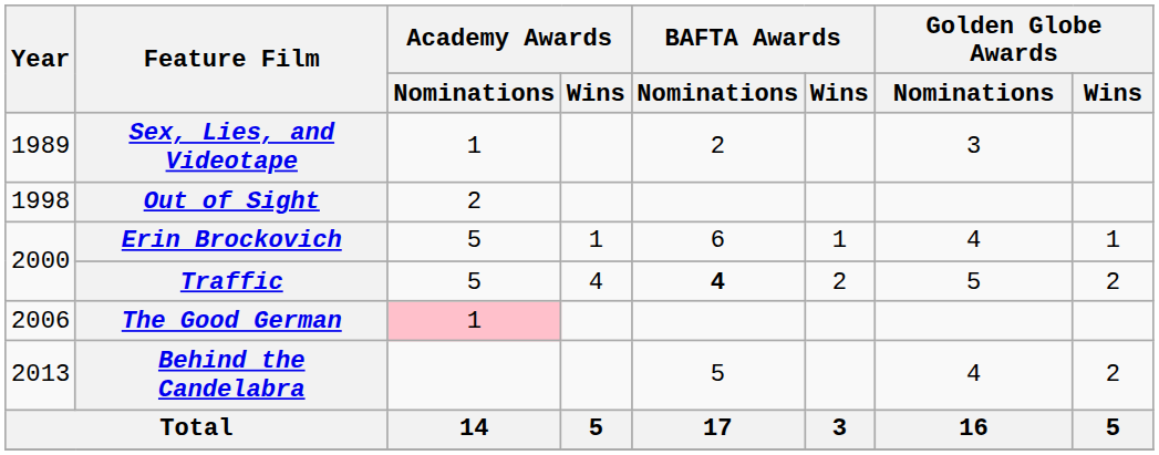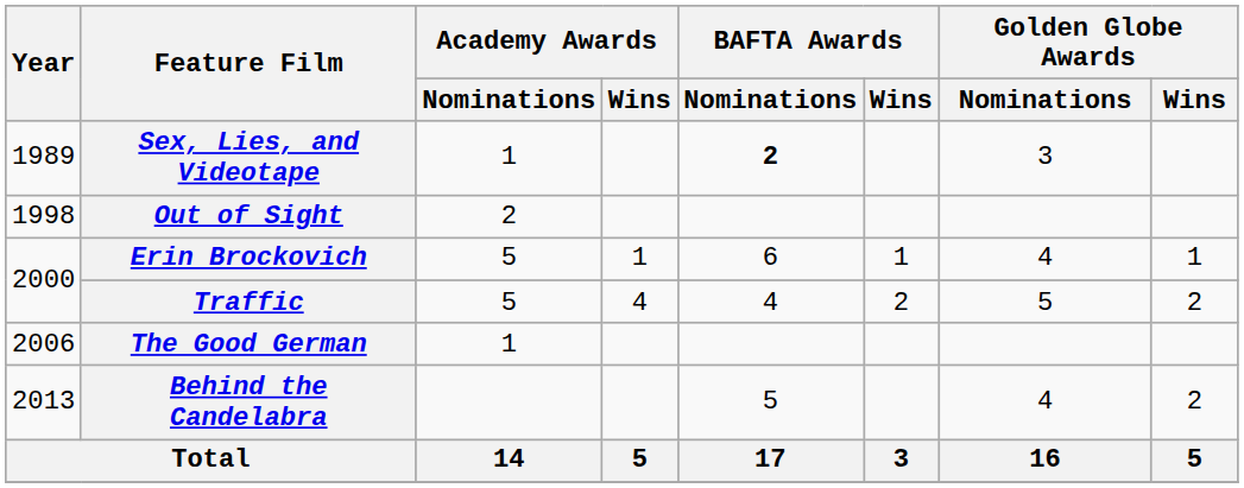 <table class="wikitable plainrowheaders">
 <tr>
 <th rowspan="2">Year</th>
 <th rowspan="2">Feature Film</th>
 <th colspan="2">Academy Awards</th>
 <th colspan="2">BAFTA Awards</th>
 <th colspan="2">Golden Globe Awards</th>
 </tr>
 <tr>
 <th>Nominations</th>
 <th>Wins</th>
 <th>Nominations</th>
 <th>Wins</th>
 <th>Nominations</th>
 <th>Wins</th>
 </tr>
 <tr>
 <td>1989</td>
 <th scope="row"><em><a href='#'>Sex, Lies, and Videotape</a></em></th>
 <td align=center>1</td>
 <td></td>
-<td align=center>2</td>
+<td align=center><strong>2</strong></td>
 <td></td>
 <td align=center>3</td>
 <td></td>
 </tr>
 <tr>
 <td>1998</td>
 <th scope="row"><em><a href='#'>Out of Sight</a></em></th>
 <td align=center>2</td>
 <td></td>
 <td></td>
 <td></td>
 <td></td>
 <td></td>
 </tr>
 <tr>
 <td rowspan="2">2000</td>
 <th scope="row"><em><a href='#'>Erin Brockovich</a></em></th>
 <td align=center>5</td>
 <td align=center>1</td>
 <td align=center>6</td>
 <td align=center>1</td>
 <td align=center>4</td>
 <td align=center>1</td>
 </tr>
 <tr>
 <th scope="row"><em><a href='#'>Traffic</a></em></th>
 <td align=center>5</td>
 <td align=center>4</td>
-<td align=center><strong>4</strong></td>
+<td align=center>4</td>
 <td align=center>2</td>
 <td align=center>5</td>
 <td align=center>2</td>
 </tr>
 <tr>
 <td>2006</td>
 <th scope="row"><em><a href='#'>The Good German</a></em></th>
-<td align=center style="background: pink;">1</td>
+<td align=center>1</td>
 <td></td>
 <td></td>
 <td></td>
 <td></td>
 <td></td>
 </tr>
 <tr>
 <td>2013</td>
 <th scope="row"><em><a href='#'>Behind the Candelabra</a></em></th>
 <td></td>
 <td></td>
 <td align=center>5</td>
 <td></td>
 <td align=center>4</td>
 <td align=center>2</td>
 </tr>
 <tr>
 <th colspan="2">Total</th>
 <th>14</th>
 <th>5</th>
 <th>17</th>
 <th>3</th>
 <th>16</th>
 <th>5</th>
 </tr>
 <tr>
 </tr>
 </table>
